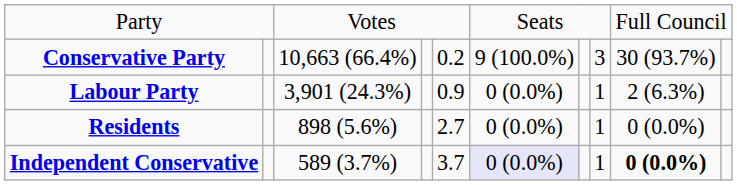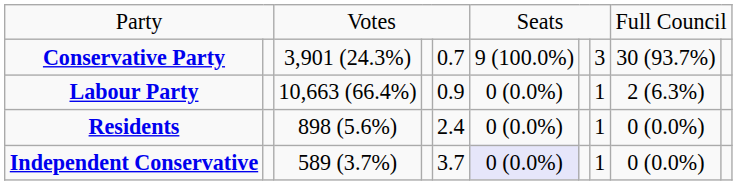 <table class=wikitable style="text-align:center;">
 <tr>
 <td colspan=2>Party</td>
 <td colspan=3>Votes</td>
 <td colspan=3>Seats</td>
 <td colspan=3>Full Council</td>
 </tr>
 <tr>
 <td><strong><a href='#'>Conservative Party</a></strong></td>
 <td style="background:"></td>
-<td>10,663 (66.4%)</td>
+<td>3,901 (24.3%)</td>
 <td></td>
-<td> 0.2</td>
+<td> 0.7</td>
 <td>9 (100.0%)</td>
 <td></td>
 <td> 3</td>
 <td>30 (93.7%)</td>
 <td></td>
 </tr>
 <tr>
 <td><strong><a href='#'>Labour Party</a></strong></td>
 <td style="background:"></td>
-<td>3,901 (24.3%)</td>
+<td>10,663 (66.4%)</td>
 <td></td>
 <td> 0.9</td>
 <td>0 (0.0%)</td>
 <td></td>
 <td> 1</td>
 <td>2 (6.3%)</td>
 <td></td>
 </tr>
 <tr>
 <td><strong><a href='#'>Residents</a></strong></td>
 <td style="background:"></td>
 <td>898 (5.6%)</td>
 <td></td>
-<td> 2.7</td>
+<td> 2.4</td>
 <td>0 (0.0%)</td>
 <td></td>
 <td> 1</td>
 <td>0 (0.0%)</td>
 <td></td>
 </tr>
 <tr>
 <td><strong><a href='#'>Independent Conservative</a></strong></td>
 <td style="background:"></td>
 <td>589 (3.7%)</td>
 <td></td>
 <td> 3.7</td>
 <td style="background: lavender;">0 (0.0%)</td>
 <td></td>
 <td> 1</td>
-<td><strong>0 (0.0%)</strong></td>
+<td>0 (0.0%)</td>
 <td></td>
 </tr>
 </table>
